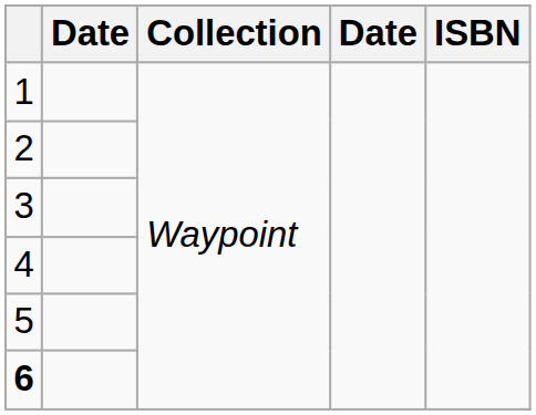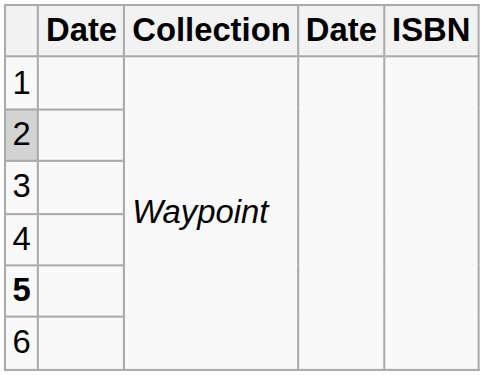 <table class="wikitable">
 <tr>
 <th></th>
 <th>Date</th>
 <th>Collection</th>
 <th>Date</th>
 <th>ISBN</th>
 </tr>
 <tr>
 <td>1</td>
 <td></td>
 <td rowspan="6"><em>Waypoint</em></td>
 <td rowspan="6"></td>
 <td rowspan="6"></td>
 </tr>
 <tr>
-<td>2</td>
+<td style="background: lightgrey;">2</td>
 <td></td>
 </tr>
 <tr>
 <td>3</td>
 <td></td>
 </tr>
 <tr>
 <td>4</td>
 <td></td>
 </tr>
 <tr>
-<td>5</td>
+<td><strong>5</strong></td>
 <td></td>
 </tr>
 <tr>
-<td><strong>6</strong></td>
+<td>6</td>
 <td></td>
 </tr>
 </table>
